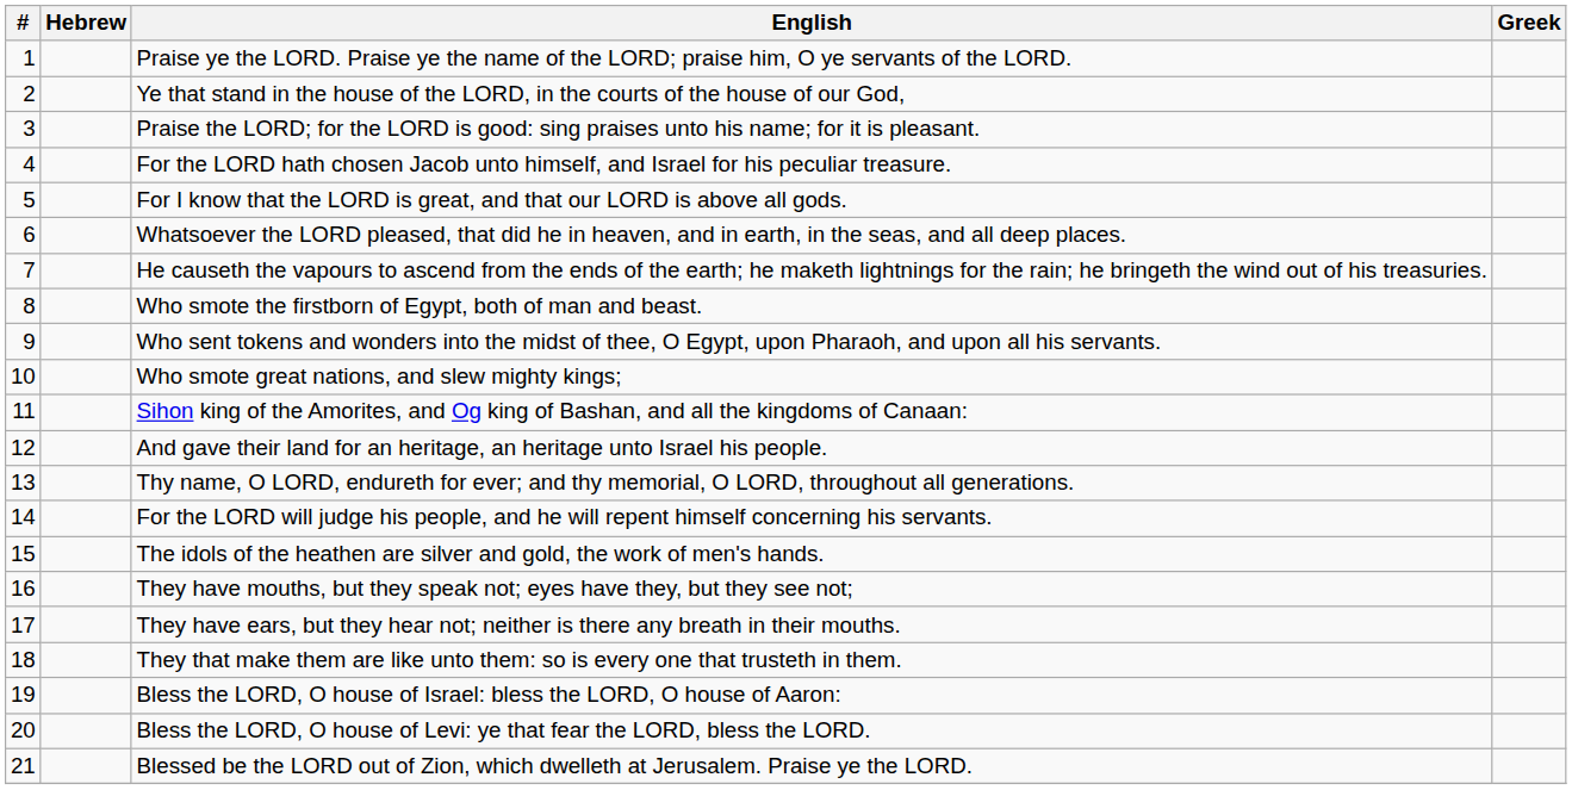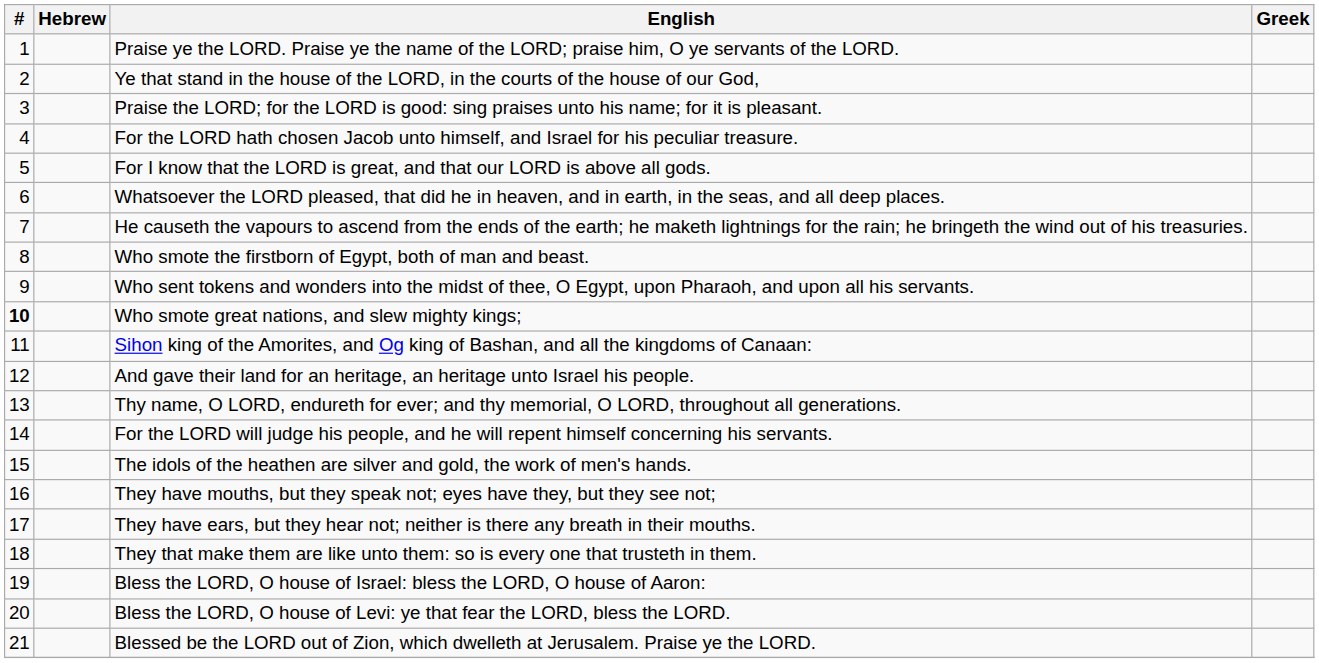 <table class=wikitable>
 <tr>
 <th>#</th>
 <th>Hebrew</th>
 <th>English</th>
 <th>Greek</th>
 </tr>
 <tr>
 <td style="text-align:right">1</td>
 <td style="text-align:right"></td>
 <td>Praise ye the LORD. Praise ye the name of the LORD; praise him, O ye servants of the LORD.</td>
 <td></td>
 </tr>
 <tr>
 <td style="text-align:right">2</td>
 <td style="text-align:right"></td>
 <td>Ye that stand in the house of the LORD, in the courts of the house of our God,</td>
 <td></td>
 </tr>
 <tr>
 <td style="text-align:right">3</td>
 <td style="text-align:right"></td>
 <td>Praise the LORD; for the LORD is good: sing praises unto his name; for it is pleasant.</td>
 <td></td>
 </tr>
 <tr>
 <td style="text-align:right">4</td>
 <td style="text-align:right"></td>
 <td>For the LORD hath chosen Jacob unto himself, and Israel for his peculiar treasure.</td>
 <td></td>
 </tr>
 <tr>
 <td style="text-align:right">5</td>
 <td style="text-align:right"></td>
 <td>For I know that the LORD is great, and that our LORD is above all gods.</td>
 <td></td>
 </tr>
 <tr>
 <td style="text-align:right">6</td>
 <td style="text-align:right"></td>
 <td>Whatsoever the LORD pleased, that did he in heaven, and in earth, in the seas, and all deep places.</td>
 <td></td>
 </tr>
 <tr>
 <td style="text-align:right">7</td>
 <td style="text-align:right"></td>
 <td>He causeth the vapours to ascend from the ends of the earth; he maketh lightnings for the rain; he bringeth the wind out of his treasuries.</td>
 <td></td>
 </tr>
 <tr>
 <td style="text-align:right">8</td>
 <td style="text-align:right"></td>
 <td>Who smote the firstborn of Egypt, both of man and beast.</td>
 <td></td>
 </tr>
 <tr>
 <td style="text-align:right">9</td>
 <td style="text-align:right"></td>
 <td>Who sent tokens and wonders into the midst of thee, O Egypt, upon Pharaoh, and upon all his servants.</td>
 <td></td>
 </tr>
 <tr>
-<td style="text-align:right">10</td>
+<td style="text-align:right"><strong>10</strong></td>
 <td style="text-align:right"></td>
 <td>Who smote great nations, and slew mighty kings;</td>
 <td></td>
 </tr>
 <tr>
 <td style="text-align:right">11</td>
 <td style="text-align:right"></td>
 <td><a href='#'>Sihon</a> king of the Amorites, and <a href='#'>Og</a> king of Bashan, and all the kingdoms of Canaan:</td>
 <td></td>
 </tr>
 <tr>
 <td style="text-align:right">12</td>
 <td style="text-align:right"></td>
 <td>And gave their land for an heritage, an heritage unto Israel his people.</td>
 <td></td>
 </tr>
 <tr>
 <td style="text-align:right">13</td>
 <td style="text-align:right"></td>
 <td>Thy name, O LORD, endureth for ever; and thy memorial, O LORD, throughout all generations.</td>
 <td></td>
 </tr>
 <tr>
 <td style="text-align:right">14</td>
 <td style="text-align:right"></td>
 <td>For the LORD will judge his people, and he will repent himself concerning his servants.</td>
 <td></td>
 </tr>
 <tr>
 <td style="text-align:right">15</td>
 <td style="text-align:right"></td>
 <td>The idols of the heathen are silver and gold, the work of men's hands.</td>
 <td></td>
 </tr>
 <tr>
 <td style="text-align:right">16</td>
 <td style="text-align:right"></td>
 <td>They have mouths, but they speak not; eyes have they, but they see not;</td>
 <td></td>
 </tr>
 <tr>
 <td style="text-align:right">17</td>
 <td style="text-align:right"></td>
 <td>They have ears, but they hear not; neither is there any breath in their mouths.</td>
 <td></td>
 </tr>
 <tr>
 <td style="text-align:right">18</td>
 <td style="text-align:right"></td>
 <td>They that make them are like unto them: so is every one that trusteth in them.</td>
 <td></td>
 </tr>
 <tr>
 <td style="text-align:right">19</td>
 <td style="text-align:right"></td>
 <td>Bless the LORD, O house of Israel: bless the LORD, O house of Aaron:</td>
 <td></td>
 </tr>
 <tr>
 <td style="text-align:right">20</td>
 <td style="text-align:right"></td>
 <td>Bless the LORD, O house of Levi: ye that fear the LORD, bless the LORD.</td>
 <td></td>
 </tr>
 <tr>
 <td style="text-align:right">21</td>
 <td style="text-align:right"></td>
 <td>Blessed be the LORD out of Zion, which dwelleth at Jerusalem. Praise ye the LORD.</td>
 <td></td>
 </tr>
 <tr>
 </tr>
 </table>
